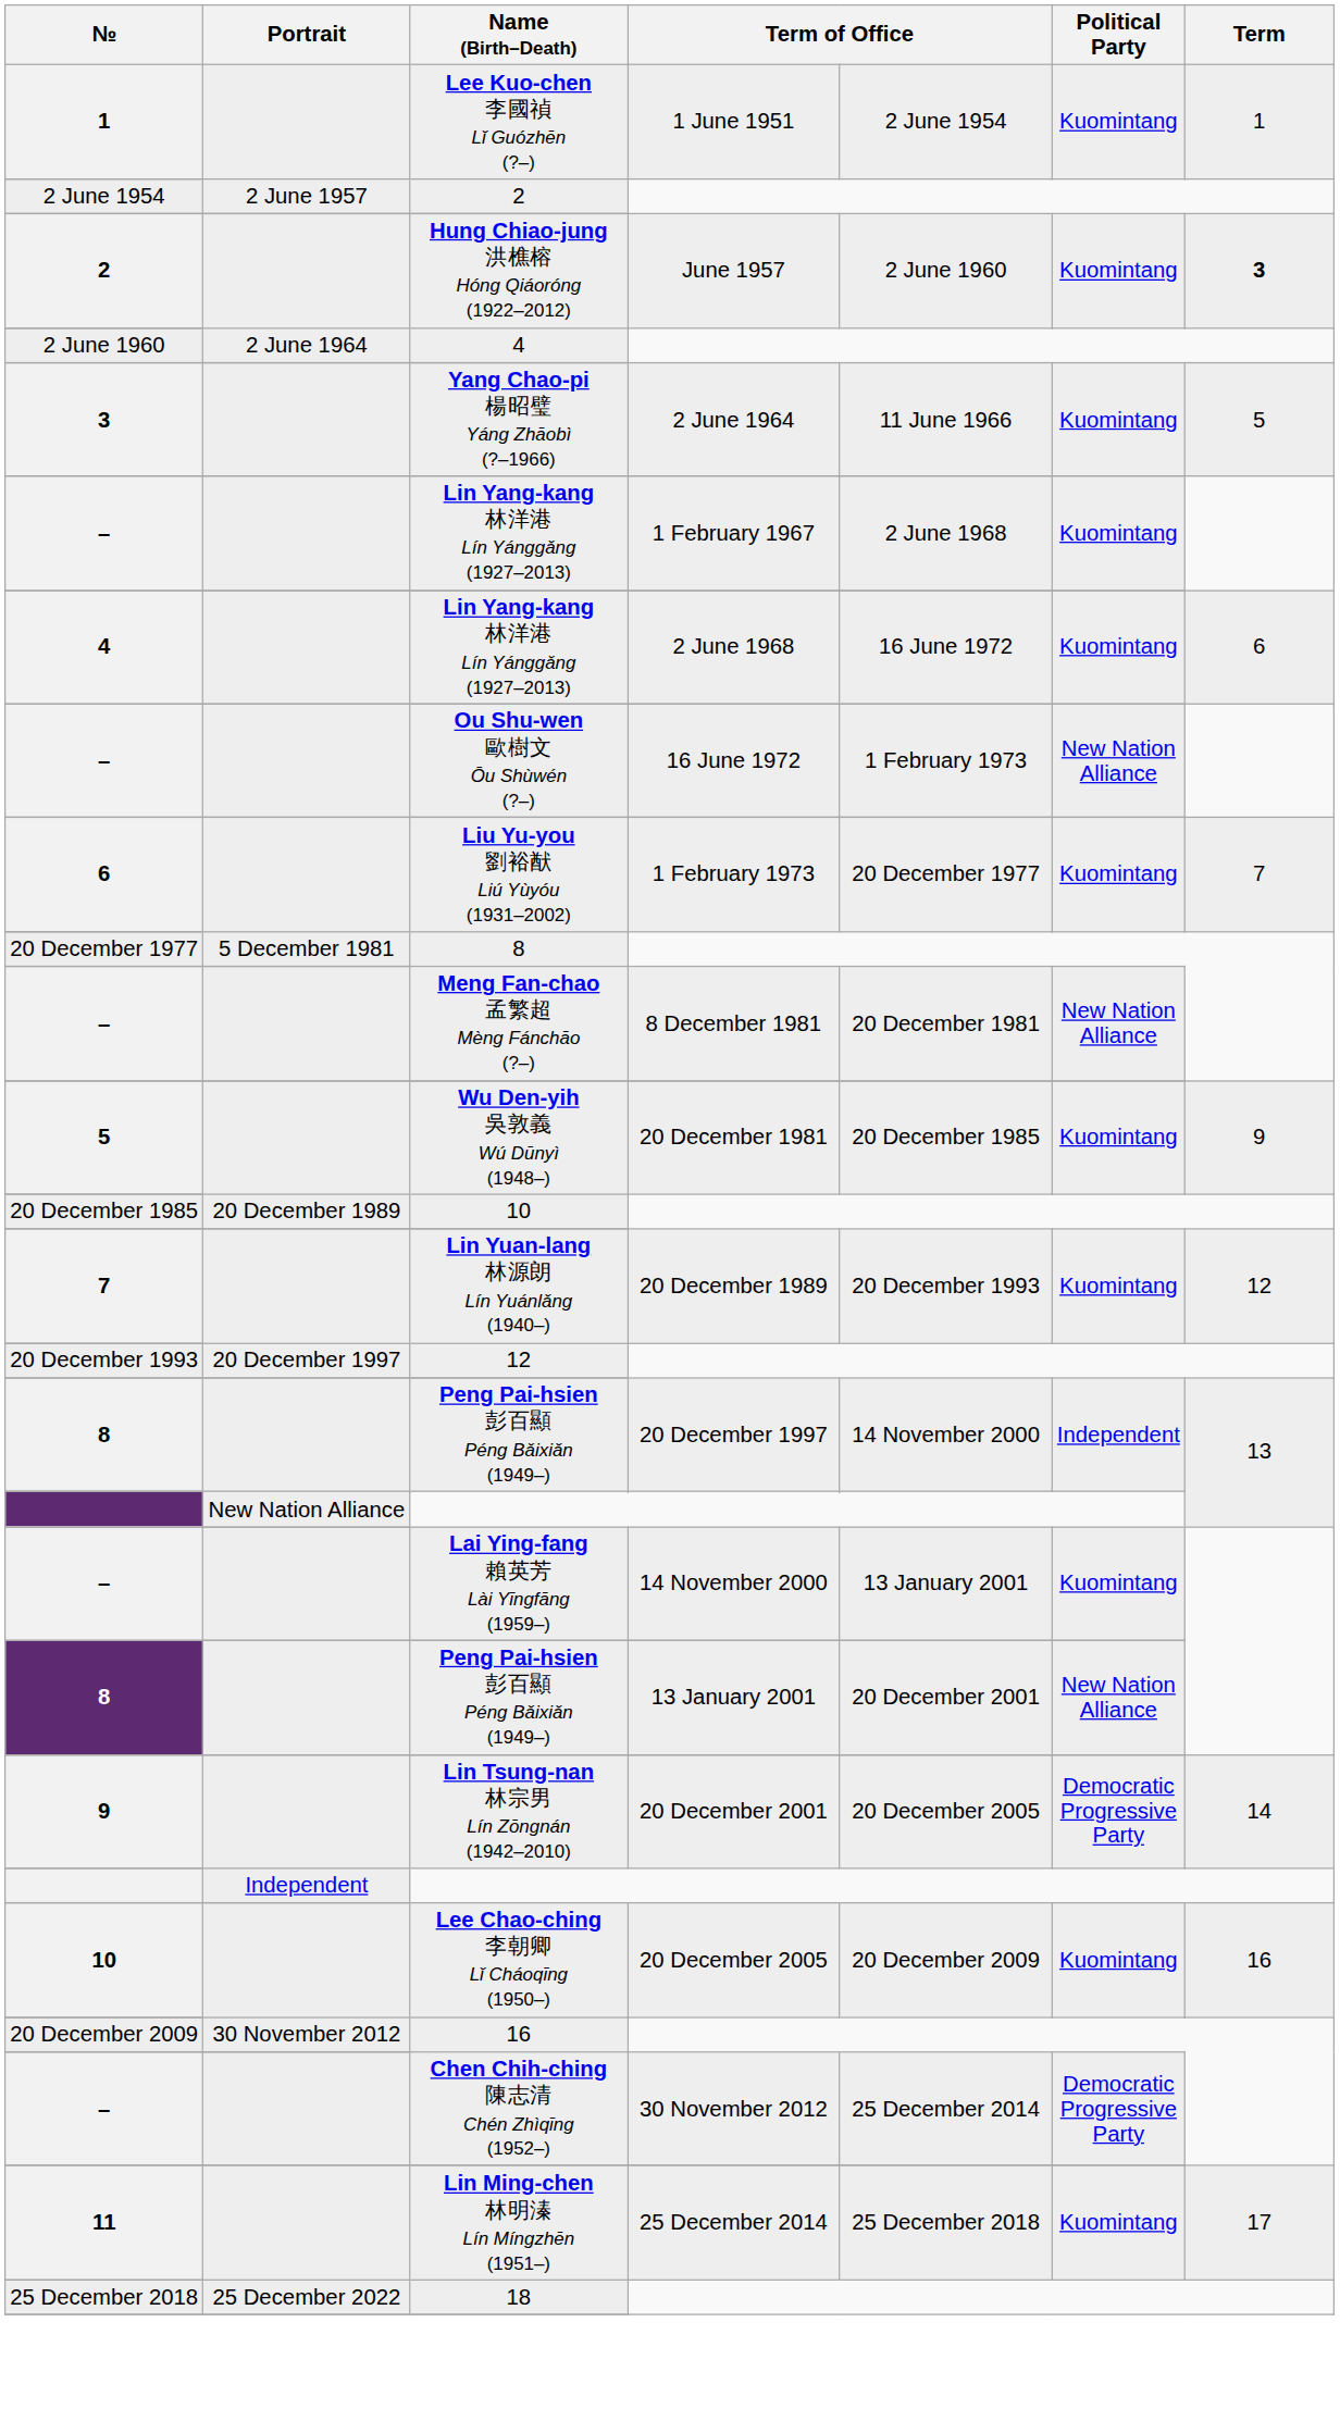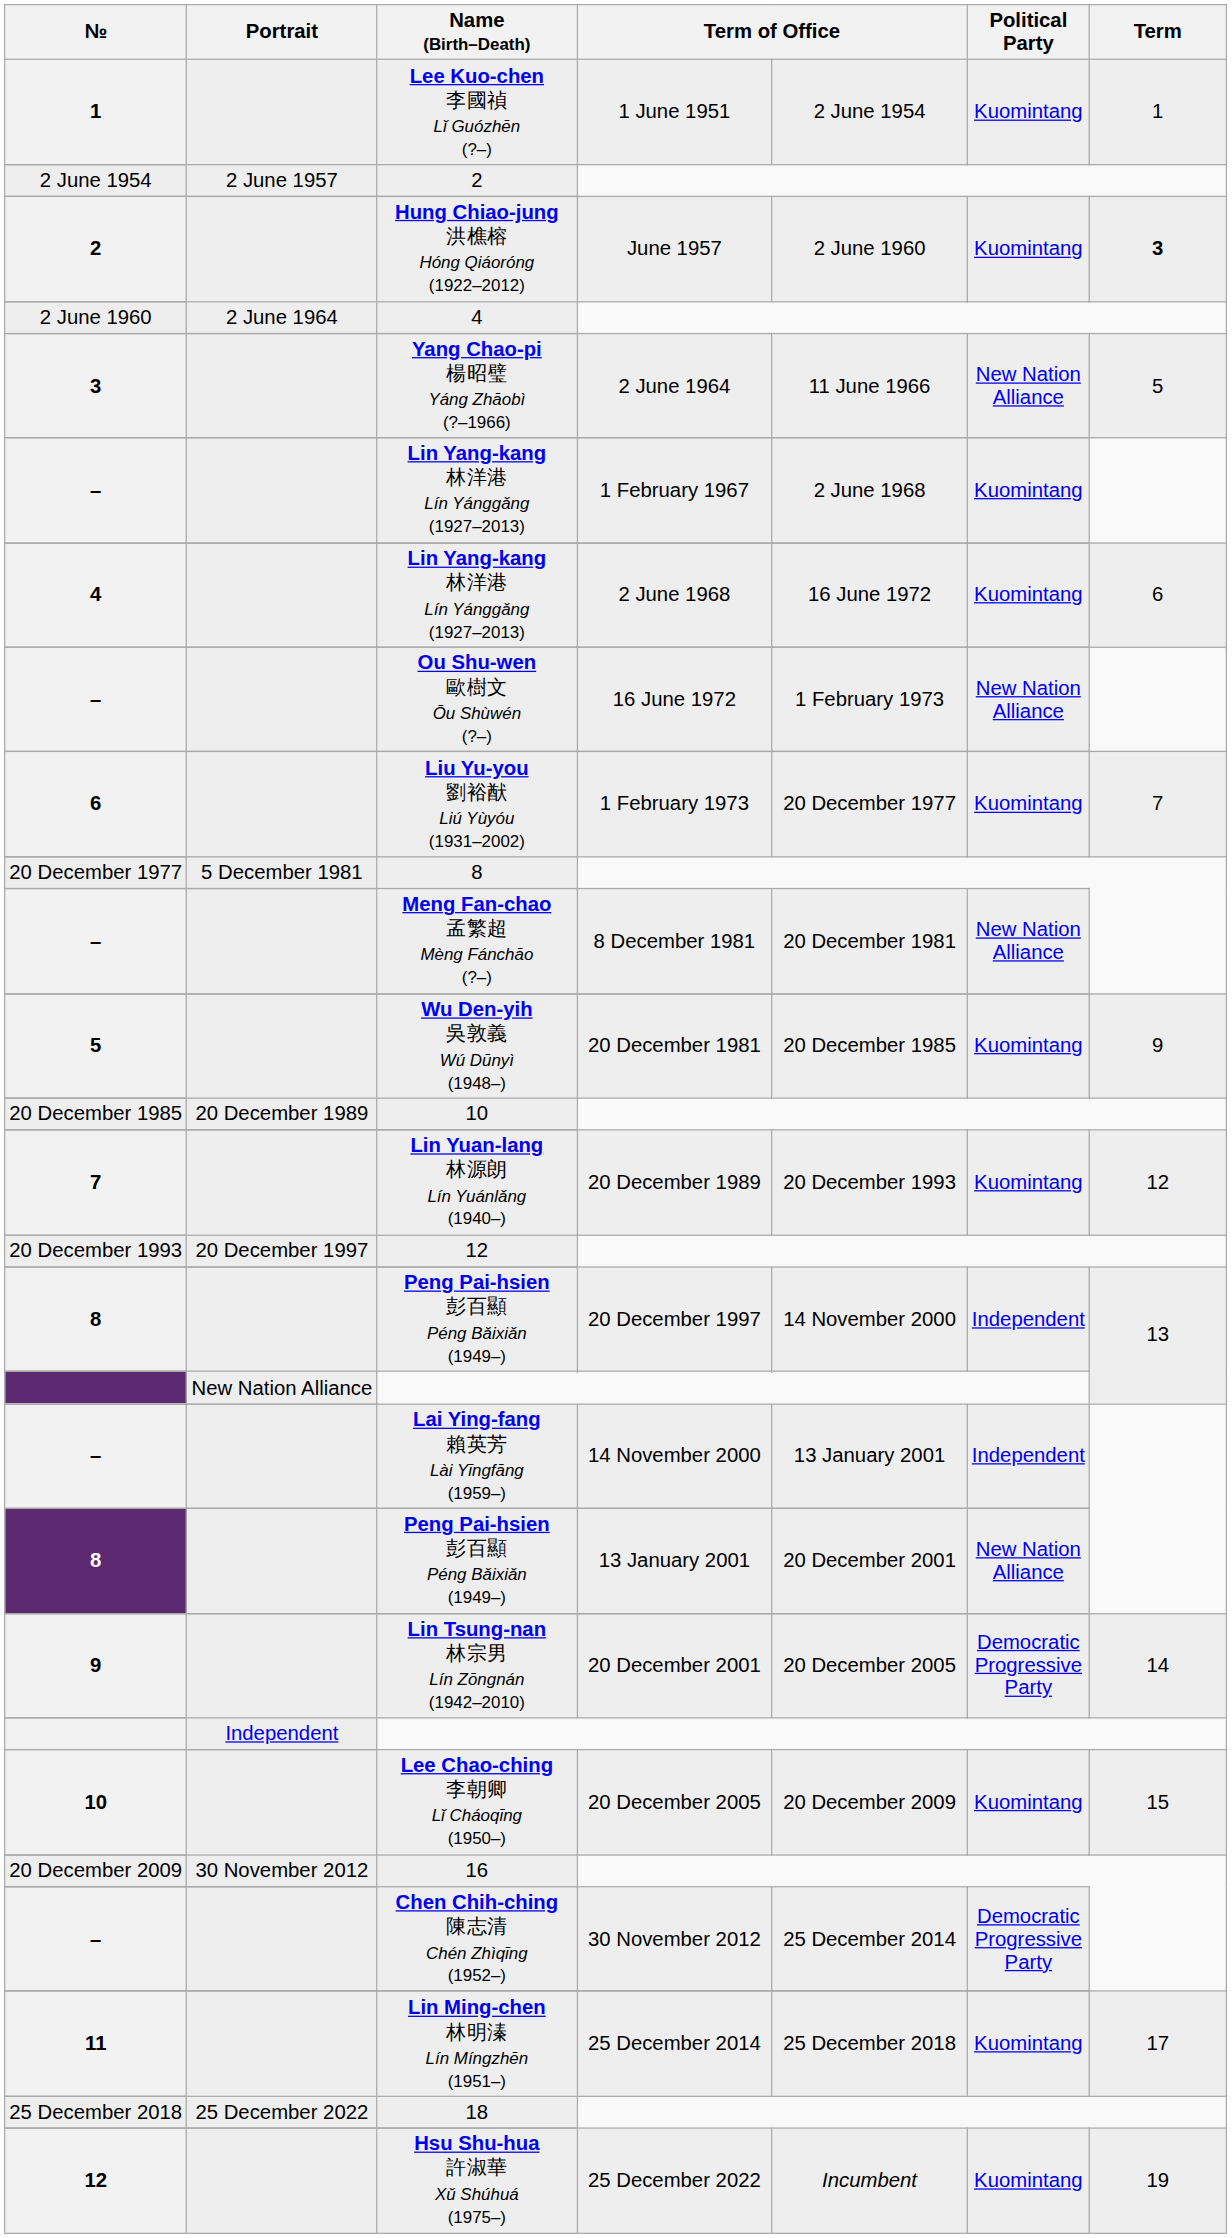 <table class="wikitable" style="text-align:center">
 <tr ->
 <th>№</th>
 <th>Portrait</th>
 <th width="150">Name<br><small>(Birth–Death)</small></th>
 <th colspan=2 width="300">Term of Office</th>
 <th width = "50">Political Party</th>
 <th width="100">Term</th>
 </tr>
 <tr - bgcolor=#EEEEEE>
 <th style="background:">1</th>
 <td rowspan=2></td>
 <td rowspan=2><strong><a href='#'>Lee Kuo-chen</a></strong><br><span>李國禎 </span><br><small><em>Lǐ Guózhēn</em><br>(?–)</small></td>
 <td>1 June 1951</td>
 <td>2 June 1954</td>
 <td rowspan=2><a href='#'>Kuomintang</a></td>
 <td>1</td>
 </tr>
 <tr ->
 </tr>
 <tr - bgcolor=#EEEEEE>
 <td>2 June 1954</td>
 <td>2 June 1957</td>
 <td>2</td>
 </tr>
 <tr ->
 </tr>
 <tr - bgcolor=#EEEEEE>
 <th style="background:">2</th>
 <td rowspan=2></td>
 <td rowspan=2><strong><a href='#'>Hung Chiao-jung</a></strong><br><span>洪樵榕 </span><br><small><em>Hóng Qiáoróng</em><br>(1922–2012)</small></td>
 <td>June 1957</td>
 <td>2 June 1960</td>
 <td rowspan=2><a href='#'>Kuomintang</a></td>
 <td><strong>3</strong></td>
 </tr>
 <tr ->
 </tr>
 <tr - bgcolor=#EEEEEE>
 <td>2 June 1960</td>
 <td>2 June 1964</td>
 <td>4</td>
 </tr>
 <tr ->
 </tr>
 <tr - bgcolor=#EEEEEE>
 <th style="background:">3</th>
 <td></td>
 <td><strong><a href='#'>Yang Chao-pi</a></strong><br><span>楊昭璧 </span><br><small><em>Yáng Zhāobì</em><br>(?–1966)</small></td>
 <td>2 June 1964</td>
 <td>11 June 1966</td>
-<td><a href='#'>Kuomintang</a></td>
+<td><a href='#'>New Nation Alliance</a></td>
 <td rowspan=2>5</td>
 </tr>
 <tr ->
 </tr>
 <tr - bgcolor=#EEEEEE>
 <th style="background:">–</th>
 <td></td>
 <td><strong><a href='#'>Lin Yang-kang</a></strong><br><span>林洋港 </span><br><small><em>Lín Yánggǎng</em><br>(1927–2013)</small></td>
 <td>1 February 1967</td>
 <td>2 June 1968</td>
 <td><a href='#'>Kuomintang</a></td>
 </tr>
 <tr ->
 </tr>
 <tr - bgcolor=#EEEEEE>
 <th style="background:">4</th>
 <td></td>
 <td><strong><a href='#'>Lin Yang-kang</a></strong><br><span>林洋港 </span><br><small><em>Lín Yánggǎng</em><br>(1927–2013)</small></td>
 <td>2 June 1968</td>
 <td>16 June 1972</td>
 <td><a href='#'>Kuomintang</a></td>
 <td rowspan=2>6</td>
 </tr>
 <tr ->
 </tr>
 <tr - bgcolor=#EEEEEE>
 <th style="background:">–</th>
 <td></td>
 <td><strong><a href='#'>Ou Shu-wen</a></strong><br><span>歐樹文 </span><br><small><em>Ōu Shùwén</em><br>(?–)</small></td>
 <td>16 June 1972</td>
 <td>1 February 1973</td>
 <td><a href='#'>New Nation Alliance</a></td>
 </tr>
 <tr ->
 </tr>
 <tr - bgcolor=#EEEEEE>
 <th style="background:">6</th>
 <td rowspan=2></td>
 <td rowspan=2><strong><a href='#'>Liu Yu-you</a></strong><br><span>劉裕猷 </span><br><small><em>Liú Yùyóu</em><br>(1931–2002)</small></td>
 <td>1 February 1973</td>
 <td>20 December 1977</td>
 <td rowspan=2><a href='#'>Kuomintang</a></td>
 <td>7</td>
 </tr>
 <tr ->
 </tr>
 <tr - bgcolor=#EEEEEE>
 <td>20 December 1977</td>
 <td>5 December 1981</td>
 <td rowspan=2>8</td>
 </tr>
 <tr ->
 </tr>
 <tr - bgcolor=#EEEEEE>
 <th style="background:">–</th>
 <td></td>
 <td><strong><a href='#'>Meng Fan-chao</a></strong><br><span>孟繁超 </span><br><small><em>Mèng Fánchāo</em><br>(?–)</small></td>
 <td>8 December 1981</td>
 <td>20 December 1981</td>
 <td><a href='#'>New Nation Alliance</a></td>
 </tr>
 <tr ->
 </tr>
 <tr - bgcolor=#EEEEEE>
 <th style="background:">5</th>
 <td rowspan=2></td>
 <td rowspan=2><strong><a href='#'>Wu Den-yih</a></strong><br><span>吳敦義 </span><br><small><em>Wú Dūnyì</em><br>(1948–)</small></td>
 <td>20 December 1981</td>
 <td>20 December 1985</td>
 <td rowspan=2><a href='#'>Kuomintang</a></td>
 <td>9</td>
 </tr>
 <tr ->
 </tr>
 <tr - bgcolor=#EEEEEE>
 <td>20 December 1985</td>
 <td>20 December 1989</td>
 <td>10</td>
 </tr>
 <tr ->
 </tr>
 <tr - bgcolor=#EEEEEE>
 <th style="background:">7</th>
 <td rowspan=2></td>
 <td rowspan=2><strong><a href='#'>Lin Yuan-lang</a></strong><br><span>林源朗 </span><br><small><em>Lín Yuánlǎng</em><br>(1940–)</small></td>
 <td>20 December 1989</td>
 <td>20 December 1993</td>
 <td rowspan=2><a href='#'>Kuomintang</a></td>
 <td>12</td>
 </tr>
 <tr ->
 </tr>
 <tr - bgcolor=#EEEEEE>
 <td>20 December 1993</td>
 <td>20 December 1997</td>
 <td>12</td>
 </tr>
 <tr ->
 </tr>
 <tr - bgcolor=#EEEEEE>
 <th style="background:">8</th>
 <td rowspan=2></td>
 <td rowspan=2><strong><a href='#'>Peng Pai-hsien</a></strong><br><span>彭百顯 </span><br><small><em>Péng Bǎixiǎn</em><br>(1949–)</small></td>
 <td rowspan=2>20 December 1997</td>
 <td rowspan=2>14 November 2000</td>
 <td><a href='#'>Independent</a></td>
 <td rowspan=4>13</td>
 </tr>
 <tr ->
 </tr>
 <tr - bgcolor=#EEEEEE>
 <th style="background:#5D2971; color:white;"></th>
 <td>New Nation Alliance</td>
 </tr>
 <tr ->
 </tr>
 <tr - bgcolor=#EEEEEE>
 <th style="background:">–</th>
 <td></td>
 <td><strong><a href='#'>Lai Ying-fang</a></strong><br><span>賴英芳 </span><br><small><em>Lài Yīngfāng</em><br>(1959–)</small></td>
 <td>14 November 2000</td>
 <td>13 January 2001</td>
-<td><a href='#'>Kuomintang</a></td>
+<td><a href='#'>Independent</a></td>
 </tr>
 <tr ->
 </tr>
 <tr - bgcolor=#EEEEEE>
 <th style="background:#5D2971; color:white;">8</th>
 <td></td>
 <td><strong><a href='#'>Peng Pai-hsien</a></strong><br><span>彭百顯 </span><br><small><em>Péng Bǎixiǎn</em><br>(1949–)</small></td>
 <td>13 January 2001</td>
 <td>20 December 2001</td>
 <td><a href='#'>New Nation Alliance</a></td>
 </tr>
 <tr ->
 </tr>
 <tr - bgcolor=#EEEEEE>
 <th style="background:">9</th>
 <td rowspan=2></td>
 <td rowspan=2><strong><a href='#'>Lin Tsung-nan</a></strong><br><span>林宗男 </span><br><small><em>Lín Zōngnán</em><br>(1942–2010)</small></td>
 <td rowspan=2>20 December 2001</td>
 <td rowspan=2>20 December 2005</td>
 <td><a href='#'>Democratic Progressive Party</a></td>
 <td rowspan=2>14</td>
 </tr>
 <tr ->
 </tr>
 <tr - bgcolor=#EEEEEE>
 <th style="background:"></th>
 <td><a href='#'>Independent</a></td>
 </tr>
 <tr ->
 </tr>
 <tr - bgcolor=#EEEEEE>
 <th style="background:">10</th>
 <td rowspan=2></td>
 <td rowspan=2><strong><a href='#'>Lee Chao-ching</a></strong><br><span> 李朝卿</span><br><small><em>Lǐ Cháoqīng</em><br>(1950–)</small></td>
 <td>20 December 2005</td>
 <td>20 December 2009</td>
 <td rowspan=2><a href='#'>Kuomintang</a></td>
-<td>16</td>
+<td>15</td>
 </tr>
 <tr ->
 </tr>
 <tr - bgcolor=#EEEEEE>
 <td>20 December 2009</td>
 <td>30 November 2012</td>
 <td rowspan=2>16</td>
 </tr>
 <tr ->
 </tr>
 <tr - bgcolor=#EEEEEE>
 <th style="background:">–</th>
 <td></td>
 <td><strong><a href='#'>Chen Chih-ching</a></strong><br><span>陳志清 </span><br><small><em>Chén Zhìqīng</em><br>(1952–)</small></td>
 <td>30 November 2012</td>
 <td>25 December 2014</td>
 <td><a href='#'>Democratic Progressive Party</a></td>
 </tr>
 <tr>
 </tr>
 <tr ->
 </tr>
 <tr - bgcolor=#EEEEEE>
 <th style="background:">11</th>
 <td rowspan=2></td>
 <td rowspan=2><strong><a href='#'>Lin Ming-chen</a> </strong><br><span>林明溱 </span><br><small><em>Lín Míngzhēn</em><br>(1951–)</small></td>
 <td>25 December 2014</td>
 <td>25 December 2018</td>
 <td rowspan=2><a href='#'>Kuomintang</a></td>
 <td>17</td>
 </tr>
 <tr ->
 </tr>
 <tr - bgcolor=#EEEEEE>
 <td>25 December 2018</td>
 <td>25 December 2022</td>
 <td>18</td>
 </tr>
 <tr ->
 </tr>
+<tr - bgcolor=#EEEEEE>
+<th style="background:">12</th>
+<td></td>
+<td><strong><a href='#'>Hsu Shu-hua</a></strong><br><span>許淑華 </span><br><small><em>Xǔ Shúhuá</em><br>(1975–)</small></td>
+<td>25 December 2022</td>
+<td><em>Incumbent</em></td>
+<td><a href='#'>Kuomintang</a></td>
+<td>19</td>
+</tr>
 <tr>
 </tr>
 </table>
